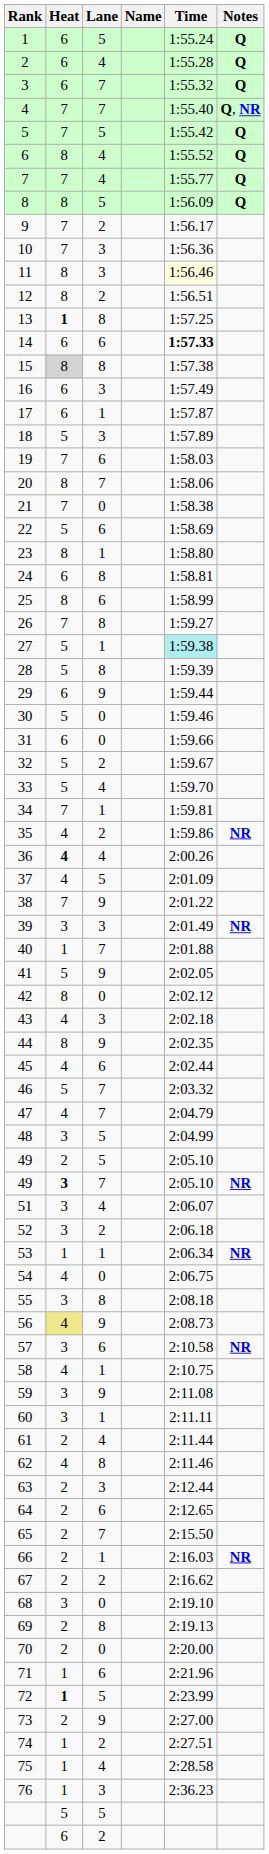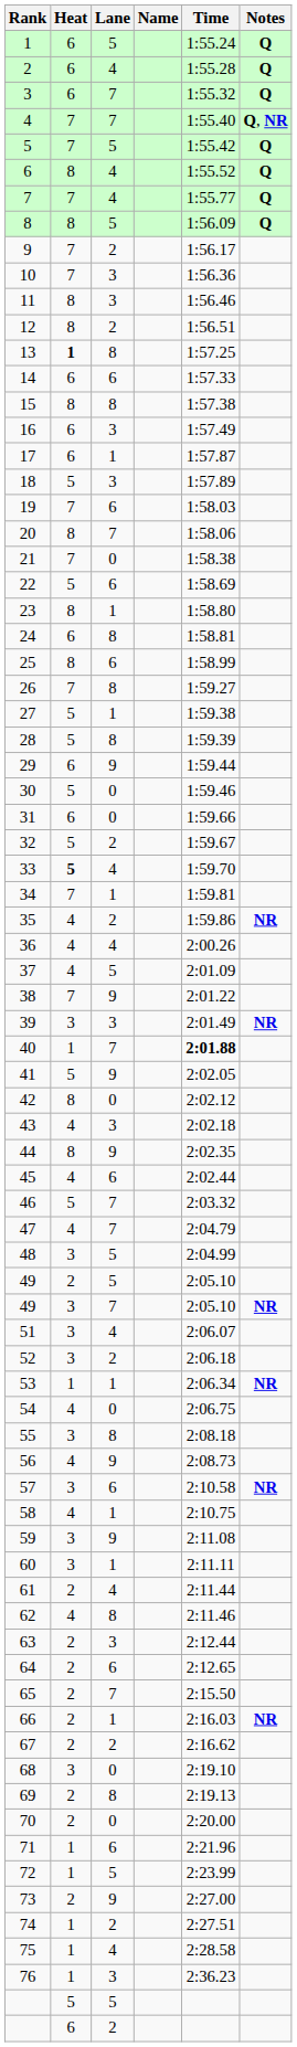 <table class="wikitable sortable" style="text-align:center">
 <tr>
 <th>Rank</th>
 <th>Heat</th>
 <th>Lane</th>
 <th>Name</th>
 <th>Time</th>
 <th>Notes</th>
 </tr>
 <tr bgcolor=ccffcc>
 <td>1</td>
 <td>6</td>
 <td>5</td>
 <td align=left></td>
 <td>1:55.24</td>
 <td><strong>Q</strong></td>
 </tr>
 <tr bgcolor=ccffcc>
 <td>2</td>
 <td>6</td>
 <td>4</td>
 <td align=left></td>
 <td>1:55.28</td>
 <td><strong>Q</strong></td>
 </tr>
 <tr bgcolor=ccffcc>
 <td>3</td>
 <td>6</td>
 <td>7</td>
 <td align=left></td>
 <td>1:55.32</td>
 <td><strong>Q</strong></td>
 </tr>
 <tr bgcolor=ccffcc>
 <td>4</td>
 <td>7</td>
 <td>7</td>
 <td align=left></td>
 <td>1:55.40</td>
 <td><strong>Q</strong>, <strong><a href='#'>NR</a></strong></td>
 </tr>
 <tr bgcolor=ccffcc>
 <td>5</td>
 <td>7</td>
 <td>5</td>
 <td align=left></td>
 <td>1:55.42</td>
 <td><strong>Q</strong></td>
 </tr>
 <tr bgcolor=ccffcc>
 <td>6</td>
 <td>8</td>
 <td>4</td>
 <td align=left></td>
 <td>1:55.52</td>
 <td><strong>Q</strong></td>
 </tr>
 <tr bgcolor=ccffcc>
 <td>7</td>
 <td>7</td>
 <td>4</td>
 <td align=left></td>
 <td>1:55.77</td>
 <td><strong>Q</strong></td>
 </tr>
 <tr bgcolor=ccffcc>
 <td>8</td>
 <td>8</td>
 <td>5</td>
 <td align=left></td>
 <td>1:56.09</td>
 <td><strong>Q</strong></td>
 </tr>
 <tr>
 <td>9</td>
 <td>7</td>
 <td>2</td>
 <td align=left></td>
 <td>1:56.17</td>
 <td></td>
 </tr>
 <tr>
 <td>10</td>
 <td>7</td>
 <td>3</td>
 <td align=left></td>
 <td>1:56.36</td>
 <td></td>
 </tr>
 <tr>
 <td>11</td>
 <td>8</td>
 <td>3</td>
 <td align=left></td>
-<td style="background: lightyellow;">1:56.46</td>
+<td>1:56.46</td>
 <td></td>
 </tr>
 <tr>
 <td>12</td>
 <td>8</td>
 <td>2</td>
 <td align=left></td>
 <td>1:56.51</td>
 <td></td>
 </tr>
 <tr>
 <td>13</td>
 <td><strong>1</strong></td>
 <td>8</td>
 <td align=left></td>
 <td>1:57.25</td>
 <td></td>
 </tr>
 <tr>
 <td>14</td>
 <td>6</td>
 <td>6</td>
 <td align=left></td>
-<td><strong>1:57.33</strong></td>
+<td>1:57.33</td>
 <td></td>
 </tr>
 <tr>
 <td>15</td>
-<td style="background: lightgrey;">8</td>
+<td>8</td>
 <td>8</td>
 <td align=left></td>
 <td>1:57.38</td>
 <td></td>
 </tr>
 <tr>
 <td>16</td>
 <td>6</td>
 <td>3</td>
 <td align=left></td>
 <td>1:57.49</td>
 <td></td>
 </tr>
 <tr>
 <td>17</td>
 <td>6</td>
 <td>1</td>
 <td align=left></td>
 <td>1:57.87</td>
 <td></td>
 </tr>
 <tr>
 <td>18</td>
 <td>5</td>
 <td>3</td>
 <td align=left></td>
 <td>1:57.89</td>
 <td></td>
 </tr>
 <tr>
 <td>19</td>
 <td>7</td>
 <td>6</td>
 <td align=left></td>
 <td>1:58.03</td>
 <td></td>
 </tr>
 <tr>
 <td>20</td>
 <td>8</td>
 <td>7</td>
 <td align=left></td>
 <td>1:58.06</td>
 <td></td>
 </tr>
 <tr>
 <td>21</td>
 <td>7</td>
 <td>0</td>
 <td align=left></td>
 <td>1:58.38</td>
 <td></td>
 </tr>
 <tr>
 <td>22</td>
 <td>5</td>
 <td>6</td>
 <td align=left></td>
 <td>1:58.69</td>
 <td></td>
 </tr>
 <tr>
 <td>23</td>
 <td>8</td>
 <td>1</td>
 <td align=left></td>
 <td>1:58.80</td>
 <td></td>
 </tr>
 <tr>
 <td>24</td>
 <td>6</td>
 <td>8</td>
 <td align=left></td>
 <td>1:58.81</td>
 <td></td>
 </tr>
 <tr>
 <td>25</td>
 <td>8</td>
 <td>6</td>
 <td align=left></td>
 <td>1:58.99</td>
 <td></td>
 </tr>
 <tr>
 <td>26</td>
 <td>7</td>
 <td>8</td>
 <td align=left></td>
 <td>1:59.27</td>
 <td></td>
 </tr>
 <tr>
 <td>27</td>
 <td>5</td>
 <td>1</td>
 <td align=left></td>
-<td style="background: paleturquoise;">1:59.38</td>
+<td>1:59.38</td>
 <td></td>
 </tr>
 <tr>
 <td>28</td>
 <td>5</td>
 <td>8</td>
 <td align=left></td>
 <td>1:59.39</td>
 <td></td>
 </tr>
 <tr>
 <td>29</td>
 <td>6</td>
 <td>9</td>
 <td align=left></td>
 <td>1:59.44</td>
 <td></td>
 </tr>
 <tr>
 <td>30</td>
 <td>5</td>
 <td>0</td>
 <td align=left></td>
 <td>1:59.46</td>
 <td></td>
 </tr>
 <tr>
 <td>31</td>
 <td>6</td>
 <td>0</td>
 <td align=left></td>
 <td>1:59.66</td>
 <td></td>
 </tr>
 <tr>
 <td>32</td>
 <td>5</td>
 <td>2</td>
 <td align=left></td>
 <td>1:59.67</td>
 <td></td>
 </tr>
 <tr>
 <td>33</td>
-<td>5</td>
+<td><strong>5</strong></td>
 <td>4</td>
 <td align=left></td>
 <td>1:59.70</td>
 <td></td>
 </tr>
 <tr>
 <td>34</td>
 <td>7</td>
 <td>1</td>
 <td align=left></td>
 <td>1:59.81</td>
 <td></td>
 </tr>
 <tr>
 <td>35</td>
 <td>4</td>
 <td>2</td>
 <td align=left></td>
 <td>1:59.86</td>
 <td><strong><a href='#'>NR</a></strong></td>
 </tr>
 <tr>
 <td>36</td>
-<td><strong>4</strong></td>
+<td>4</td>
 <td>4</td>
 <td align=left></td>
 <td>2:00.26</td>
 <td></td>
 </tr>
 <tr>
 <td>37</td>
 <td>4</td>
 <td>5</td>
 <td align=left></td>
 <td>2:01.09</td>
 <td></td>
 </tr>
 <tr>
 <td>38</td>
 <td>7</td>
 <td>9</td>
 <td align=left></td>
 <td>2:01.22</td>
 <td></td>
 </tr>
 <tr>
 <td>39</td>
 <td>3</td>
 <td>3</td>
 <td align=left></td>
 <td>2:01.49</td>
 <td><strong><a href='#'>NR</a></strong></td>
 </tr>
 <tr>
 <td>40</td>
 <td>1</td>
 <td>7</td>
 <td align=left></td>
-<td>2:01.88</td>
+<td><strong>2:01.88</strong></td>
 <td></td>
 </tr>
 <tr>
 <td>41</td>
 <td>5</td>
 <td>9</td>
 <td align=left></td>
 <td>2:02.05</td>
 <td></td>
 </tr>
 <tr>
 <td>42</td>
 <td>8</td>
 <td>0</td>
 <td align=left></td>
 <td>2:02.12</td>
 <td></td>
 </tr>
 <tr>
 <td>43</td>
 <td>4</td>
 <td>3</td>
 <td align=left></td>
 <td>2:02.18</td>
 <td></td>
 </tr>
 <tr>
 <td>44</td>
 <td>8</td>
 <td>9</td>
 <td align=left></td>
 <td>2:02.35</td>
 <td></td>
 </tr>
 <tr>
 <td>45</td>
 <td>4</td>
 <td>6</td>
 <td align=left></td>
 <td>2:02.44</td>
 <td></td>
 </tr>
 <tr>
 <td>46</td>
 <td>5</td>
 <td>7</td>
 <td align=left></td>
 <td>2:03.32</td>
 <td></td>
 </tr>
 <tr>
 <td>47</td>
 <td>4</td>
 <td>7</td>
 <td align=left></td>
 <td>2:04.79</td>
 <td></td>
 </tr>
 <tr>
 <td>48</td>
 <td>3</td>
 <td>5</td>
 <td align=left></td>
 <td>2:04.99</td>
 <td></td>
 </tr>
 <tr>
 <td>49</td>
 <td>2</td>
 <td>5</td>
 <td align=left></td>
 <td>2:05.10</td>
 <td></td>
 </tr>
 <tr>
 <td>49</td>
-<td><strong>3</strong></td>
+<td>3</td>
 <td>7</td>
 <td align=left></td>
 <td>2:05.10</td>
 <td><strong><a href='#'>NR</a></strong></td>
 </tr>
 <tr>
 <td>51</td>
 <td>3</td>
 <td>4</td>
 <td align=left></td>
 <td>2:06.07</td>
 <td></td>
 </tr>
 <tr>
 <td>52</td>
 <td>3</td>
 <td>2</td>
 <td align=left></td>
 <td>2:06.18</td>
 <td></td>
 </tr>
 <tr>
 <td>53</td>
 <td>1</td>
 <td>1</td>
 <td align=left></td>
 <td>2:06.34</td>
 <td><strong><a href='#'>NR</a></strong></td>
 </tr>
 <tr>
 <td>54</td>
 <td>4</td>
 <td>0</td>
 <td align=left></td>
 <td>2:06.75</td>
 <td></td>
 </tr>
 <tr>
 <td>55</td>
 <td>3</td>
 <td>8</td>
 <td align=left></td>
 <td>2:08.18</td>
 <td></td>
 </tr>
 <tr>
 <td>56</td>
-<td style="background: khaki;">4</td>
+<td>4</td>
 <td>9</td>
 <td align=left></td>
 <td>2:08.73</td>
 <td></td>
 </tr>
 <tr>
 <td>57</td>
 <td>3</td>
 <td>6</td>
 <td align=left></td>
 <td>2:10.58</td>
 <td><strong><a href='#'>NR</a></strong></td>
 </tr>
 <tr>
 <td>58</td>
 <td>4</td>
 <td>1</td>
 <td align=left></td>
 <td>2:10.75</td>
 <td></td>
 </tr>
 <tr>
 <td>59</td>
 <td>3</td>
 <td>9</td>
 <td align=left></td>
 <td>2:11.08</td>
 <td></td>
 </tr>
 <tr>
 <td>60</td>
 <td>3</td>
 <td>1</td>
 <td align=left></td>
 <td>2:11.11</td>
 <td></td>
 </tr>
 <tr>
 <td>61</td>
 <td>2</td>
 <td>4</td>
 <td align=left></td>
 <td>2:11.44</td>
 <td></td>
 </tr>
 <tr>
 <td>62</td>
 <td>4</td>
 <td>8</td>
 <td align=left></td>
 <td>2:11.46</td>
 <td></td>
 </tr>
 <tr>
 <td>63</td>
 <td>2</td>
 <td>3</td>
 <td align=left></td>
 <td>2:12.44</td>
 <td></td>
 </tr>
 <tr>
 <td>64</td>
 <td>2</td>
 <td>6</td>
 <td align=left></td>
 <td>2:12.65</td>
 <td></td>
 </tr>
 <tr>
 <td>65</td>
 <td>2</td>
 <td>7</td>
 <td align=left></td>
 <td>2:15.50</td>
 <td></td>
 </tr>
 <tr>
 <td>66</td>
 <td>2</td>
 <td>1</td>
 <td align=left></td>
 <td>2:16.03</td>
 <td><strong><a href='#'>NR</a></strong></td>
 </tr>
 <tr>
 <td>67</td>
 <td>2</td>
 <td>2</td>
 <td align=left></td>
 <td>2:16.62</td>
 <td></td>
 </tr>
 <tr>
 <td>68</td>
 <td>3</td>
 <td>0</td>
 <td align=left></td>
 <td>2:19.10</td>
 <td></td>
 </tr>
 <tr>
 <td>69</td>
 <td>2</td>
 <td>8</td>
 <td align=left></td>
 <td>2:19.13</td>
 <td></td>
 </tr>
 <tr>
 <td>70</td>
 <td>2</td>
 <td>0</td>
 <td align=left></td>
 <td>2:20.00</td>
 <td></td>
 </tr>
 <tr>
 <td>71</td>
 <td>1</td>
 <td>6</td>
 <td align=left></td>
 <td>2:21.96</td>
 <td></td>
 </tr>
 <tr>
 <td>72</td>
-<td><strong>1</strong></td>
+<td>1</td>
 <td>5</td>
 <td align=left></td>
 <td>2:23.99</td>
 <td></td>
 </tr>
 <tr>
 <td>73</td>
 <td>2</td>
 <td>9</td>
 <td align=left></td>
 <td>2:27.00</td>
 <td></td>
 </tr>
 <tr>
 <td>74</td>
 <td>1</td>
 <td>2</td>
 <td align=left></td>
 <td>2:27.51</td>
 <td></td>
 </tr>
 <tr>
 <td>75</td>
 <td>1</td>
 <td>4</td>
 <td align=left></td>
 <td>2:28.58</td>
 <td></td>
 </tr>
 <tr>
 <td>76</td>
 <td>1</td>
 <td>3</td>
 <td align=left></td>
 <td>2:36.23</td>
 <td></td>
 </tr>
 <tr>
 <td></td>
 <td>5</td>
 <td>5</td>
 <td align=left></td>
 <td></td>
 <td></td>
 </tr>
 <tr>
 <td></td>
 <td>6</td>
 <td>2</td>
 <td align=left></td>
 <td></td>
 <td></td>
 </tr>
 </table>
